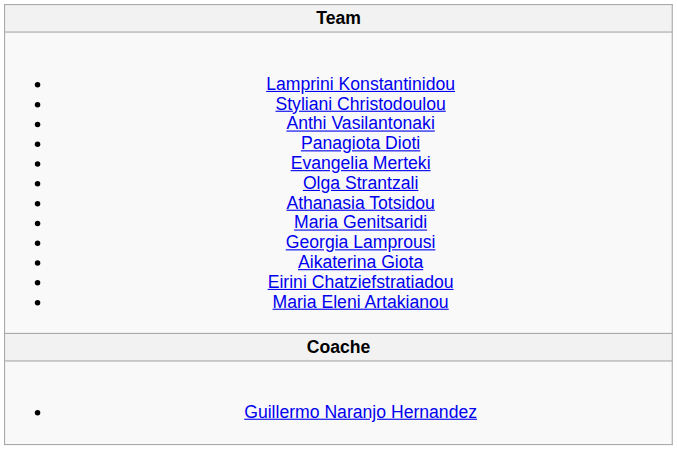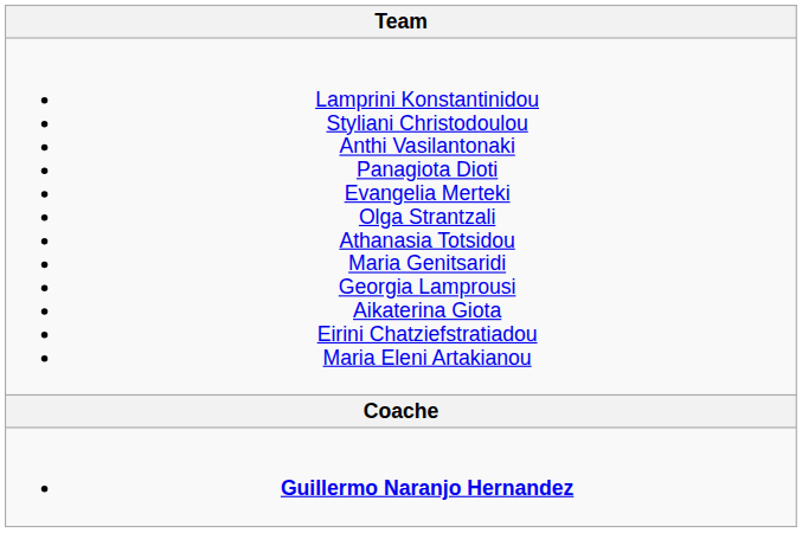 <table class="wikitable" style="text-align: center;">
 <tr>
 <th width=600>Team</th>
 </tr>
 <tr>
 <td><br><ul><li><a href='#'>Lamprini Konstantinidou</a></li><li><a href='#'>Styliani Christodoulou</a></li><li><a href='#'>Anthi Vasilantonaki</a></li><li><a href='#'>Panagiota Dioti</a></li><li><a href='#'>Evangelia Merteki</a></li><li><a href='#'>Olga Strantzali</a></li><li><a href='#'>Athanasia Totsidou</a></li><li><a href='#'>Maria Genitsaridi</a></li><li><a href='#'>Georgia Lamprousi</a></li><li><a href='#'>Aikaterina Giota</a></li><li><a href='#'>Eirini Chatziefstratiadou</a></li><li><a href='#'>Maria Eleni Artakianou</a></li></ul></td>
 </tr>
 <tr>
 <th width=600>Coache</th>
 </tr>
 <tr>
-<td><br><ul><li> <a href='#'>Guillermo Naranjo Hernandez</a></li></ul></td>
+<td><strong><br><ul><li> <a href='#'>Guillermo Naranjo Hernandez</a></li></ul></strong></td>
 </tr>
 </table>
